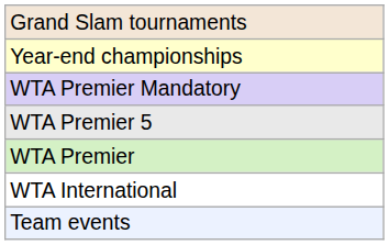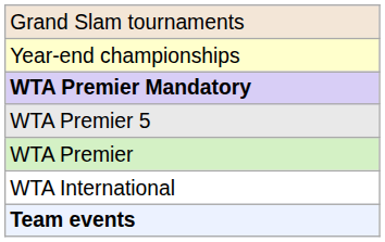 <table class=wikitable style=font-size:90%;width:13%>
 <tr style="background:#F3E6D7;">
 <td>Grand Slam tournaments</td>
 </tr>
 <tr style="background:#ffc;">
 <td>Year-end championships</td>
 </tr>
 <tr style="background:#d8cef6;">
-<td>WTA Premier Mandatory</td>
+<td><strong>WTA Premier Mandatory</strong></td>
 </tr>
 <tr style="background:#E9E9E9;">
 <td>WTA Premier 5</td>
 </tr>
 <tr style="background:#D4F1C5;">
 <td>WTA Premier</td>
 </tr>
 <tr style="background:#fff;">
 <td>WTA International</td>
 </tr>
 <tr style="background:#ECF2FF;">
-<td>Team events</td>
+<td><strong>Team events</strong></td>
 </tr>
 </table>
